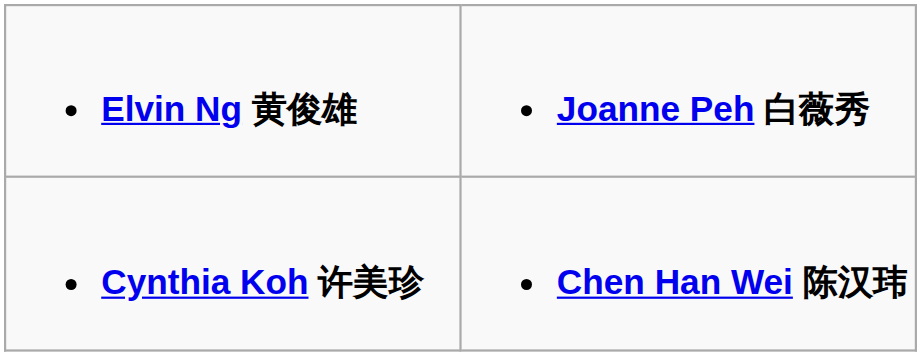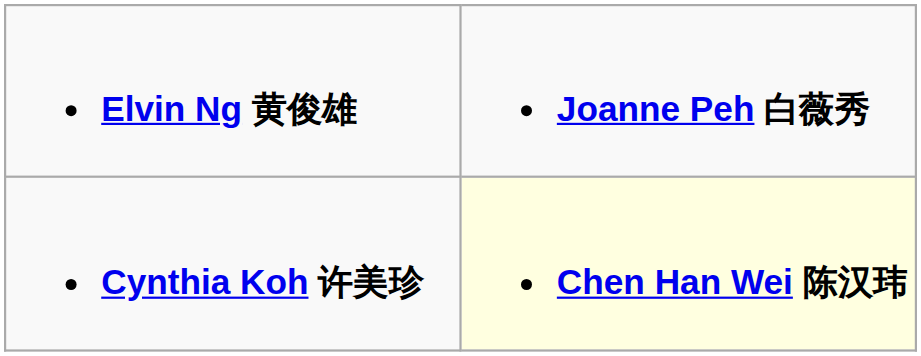 <table class=wikitable>
 <tr>
 <td valign="top" width="50%"><br><ul><li><strong><a href='#'>Elvin Ng</a> 黄俊雄</strong></li></ul></td>
 <td valign="top" width="50%"><br><ul><li><strong><a href='#'>Joanne Peh</a> 白薇秀</strong></li></ul></td>
 </tr>
 <tr>
 <td valign="top" width="50%"><br><ul><li><strong><a href='#'>Cynthia Koh</a> 许美珍</strong></li></ul></td>
-<td valign="top" width="50%"><br><ul><li><strong><a href='#'>Chen Han Wei</a> 陈汉玮</strong></li></ul></td>
+<td valign="top" width="50%" style="background: lightyellow;"><br><ul><li><strong><a href='#'>Chen Han Wei</a> 陈汉玮</strong></li></ul></td>
 </tr>
 </table>
